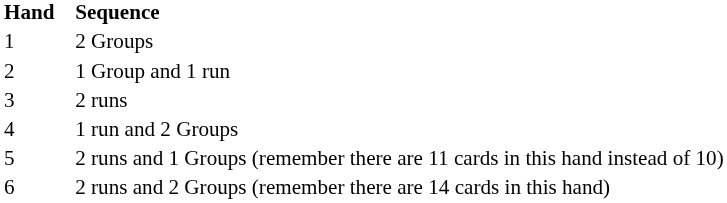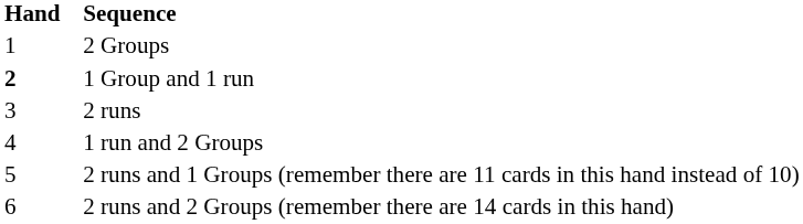 <table>
 <tr>
 <th width="50" align="left">Hand</th>
 <th align="left">Sequence</th>
 </tr>
 <tr>
 <td>1</td>
 <td>2 Groups</td>
 </tr>
 <tr>
-<td>2</td>
+<td><strong>2</strong></td>
 <td>1 Group and 1 run</td>
 </tr>
 <tr>
 <td>3</td>
 <td>2 runs</td>
 </tr>
 <tr>
 <td>4</td>
 <td>1 run and 2 Groups</td>
 </tr>
 <tr>
 <td>5</td>
 <td>2 runs and 1 Groups (remember there are 11 cards in this hand instead of 10)</td>
 </tr>
 <tr>
 <td>6</td>
 <td>2 runs and 2 Groups (remember there are 14 cards in this hand)</td>
 </tr>
 <tr>
 </tr>
 </table>
